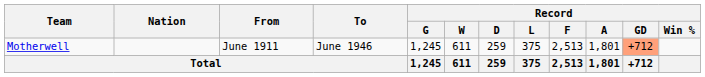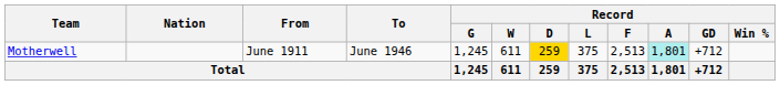 <table class="wikitable" style="text-align: center">
 <tr>
 <th rowspan=2 width=140>Team</th>
 <th rowspan=2 width=140>Nation</th>
 <th rowspan=2 width=125>From</th>
 <th rowspan=2 width=125>To</th>
 <th colspan=8>Record</th>
 </tr>
 <tr>
 <th width=40>G</th>
 <th width=40>W</th>
 <th width=40>D</th>
 <th width=40>L</th>
 <th width=40>F</th>
 <th width=40>A</th>
 <th width=40>GD</th>
 <th width=50>Win %</th>
 </tr>
 <tr>
 <td align="left"><a href='#'>Motherwell</a></td>
 <td align="left"></td>
 <td align=left>June 1911</td>
 <td align=left>June 1946</td>
 <td>1,245</td>
 <td>611</td>
-<td>259</td>
+<td style="background: gold;">259</td>
 <td>375</td>
 <td>2,513</td>
-<td>1,801</td>
-<td style="background: lightsalmon;">+712</td>
+<td style="background: paleturquoise;">1,801</td>
+<td>+712</td>
 <td></td>
 </tr>
 <tr>
 <th align="center" colspan="4">Total</th>
 <th>1,245</th>
 <th>611</th>
 <th>259</th>
 <th>375</th>
 <th>2,513</th>
 <th>1,801</th>
 <th>+712</th>
 <th></th>
 </tr>
 </table>
